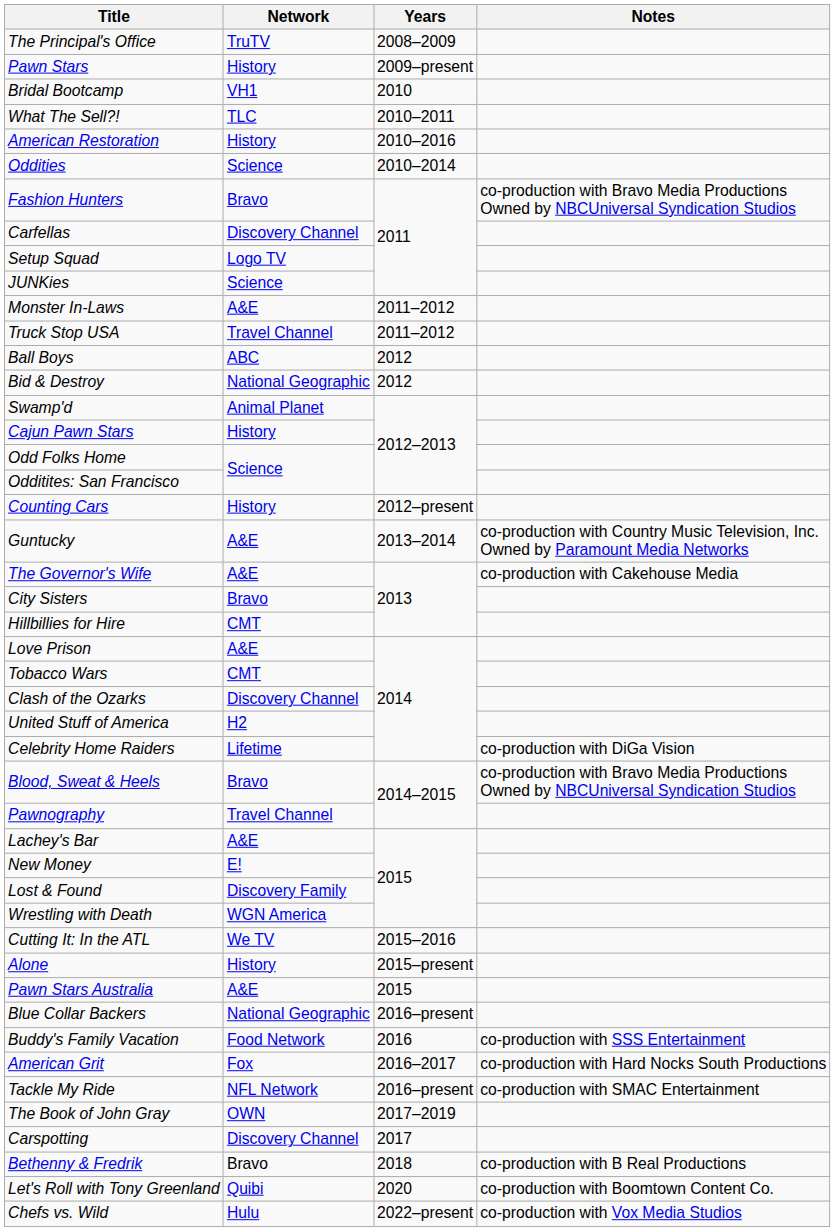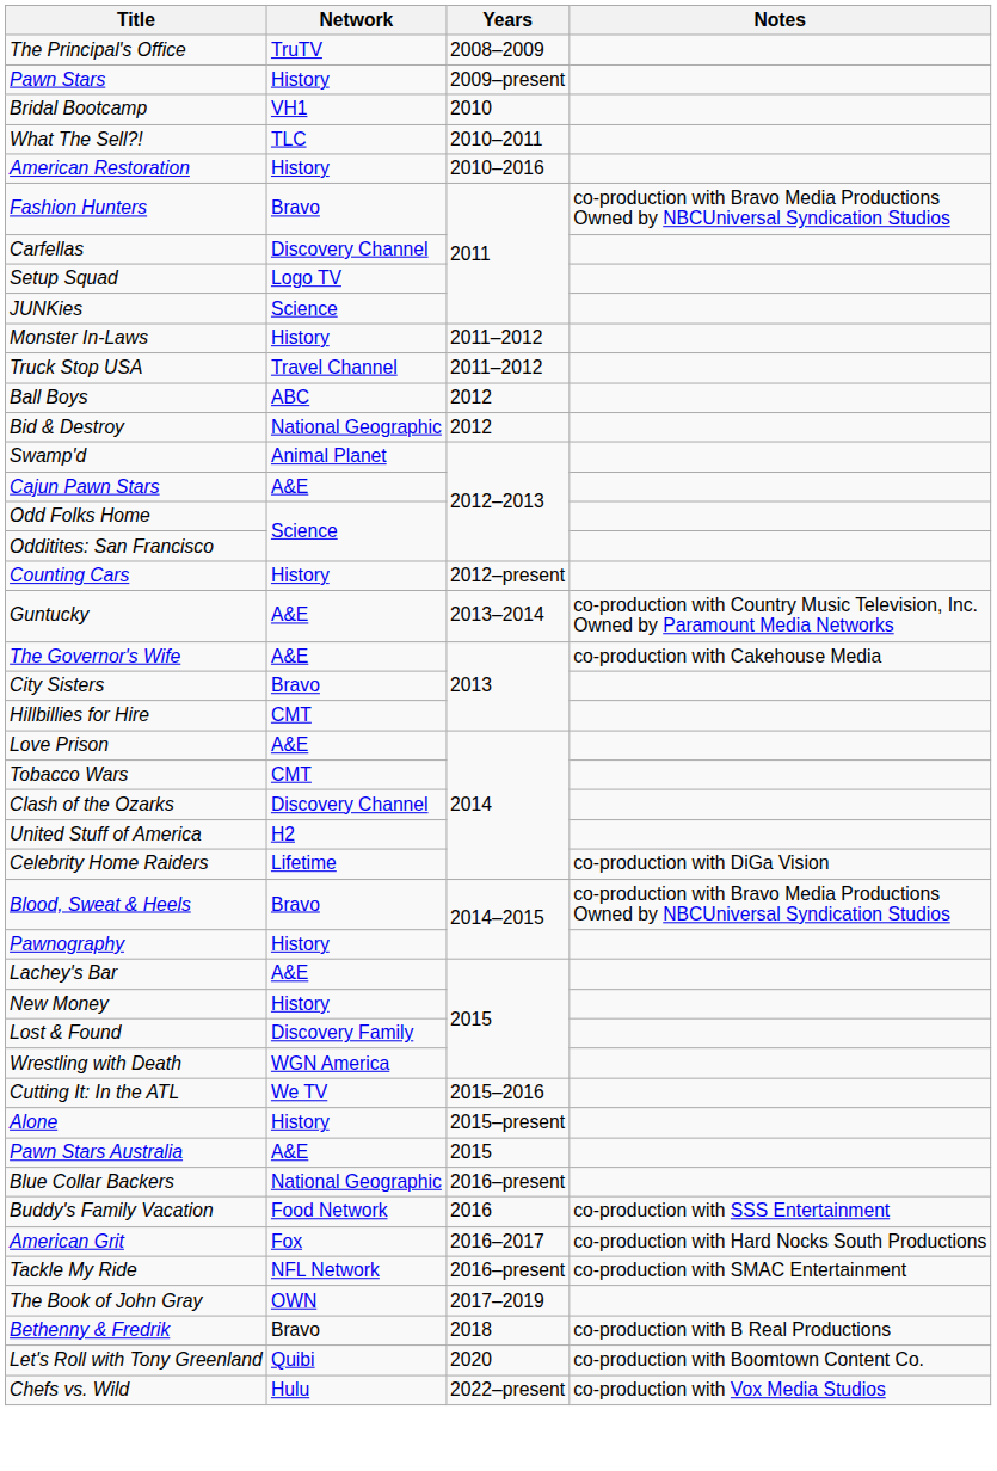 <table class="wikitable sortable">
 <tr>
 <th>Title</th>
 <th>Network</th>
 <th>Years</th>
 <th>Notes</th>
 </tr>
 <tr>
 <td><em>The Principal's Office</em></td>
 <td><a href='#'>TruTV</a></td>
 <td>2008–2009</td>
 <td></td>
 </tr>
 <tr>
 <td><em><a href='#'>Pawn Stars</a></em></td>
 <td><a href='#'>History</a></td>
 <td>2009–present</td>
 <td></td>
 </tr>
 <tr>
 <td><em>Bridal Bootcamp</em></td>
 <td><a href='#'>VH1</a></td>
 <td>2010</td>
 <td></td>
 </tr>
 <tr>
 <td><em>What The Sell?!</em></td>
 <td><a href='#'>TLC</a></td>
 <td>2010–2011</td>
 <td></td>
 </tr>
 <tr>
 <td><em><a href='#'>American Restoration</a></em></td>
 <td><a href='#'>History</a></td>
 <td>2010–2016</td>
 <td></td>
 </tr>
 <tr>
-<td><em><a href='#'>Oddities</a></em></td>
-<td><a href='#'>Science</a></td>
-<td>2010–2014</td>
-<td></td>
-</tr>
-<tr>
 <td><em><a href='#'>Fashion Hunters</a></em></td>
 <td><a href='#'>Bravo</a></td>
 <td rowspan="4">2011</td>
 <td>co-production with Bravo Media Productions<br>Owned by <a href='#'>NBCUniversal Syndication Studios</a></td>
 </tr>
 <tr>
 <td><em>Carfellas</em></td>
 <td><a href='#'>Discovery Channel</a></td>
 <td></td>
 </tr>
 <tr>
 <td><em>Setup Squad</em></td>
 <td><a href='#'>Logo TV</a></td>
 <td></td>
 </tr>
 <tr>
 <td><em>JUNKies</em></td>
 <td><a href='#'>Science</a></td>
 <td></td>
 </tr>
 <tr>
 <td><em>Monster In-Laws</em></td>
-<td><a href='#'>A&E</a></td>
+<td><a href='#'>History</a></td>
 <td>2011–2012</td>
 <td></td>
 </tr>
 <tr>
 <td><em>Truck Stop USA</em></td>
 <td><a href='#'>Travel Channel</a></td>
 <td>2011–2012</td>
 <td></td>
 </tr>
 <tr>
 <td><em>Ball Boys</em></td>
 <td><a href='#'>ABC</a></td>
 <td>2012</td>
 <td></td>
 </tr>
 <tr>
 <td><em>Bid & Destroy</em></td>
 <td><a href='#'>National Geographic</a></td>
 <td>2012</td>
 <td></td>
 </tr>
 <tr>
 <td><em>Swamp'd</em></td>
 <td><a href='#'>Animal Planet</a></td>
 <td rowspan="4">2012–2013</td>
 </tr>
 <tr>
 <td><em><a href='#'>Cajun Pawn Stars</a></em></td>
-<td><a href='#'>History</a></td>
+<td><a href='#'>A&E</a></td>
 <td></td>
 </tr>
 <tr>
 <td><em>Odd Folks Home</em></td>
 <td rowspan="2"><a href='#'>Science</a></td>
 </tr>
 <tr>
 <td><em>Odditites: San Francisco</em></td>
 <td></td>
 </tr>
 <tr>
 <td><em><a href='#'>Counting Cars</a></em></td>
 <td><a href='#'>History</a></td>
 <td>2012–present</td>
 <td></td>
 </tr>
 <tr>
 <td><em>Guntucky</em></td>
 <td><a href='#'>A&E</a></td>
 <td>2013–2014</td>
 <td>co-production with Country Music Television, Inc.<br>Owned by <a href='#'>Paramount Media Networks</a></td>
 </tr>
 <tr>
 <td><em><a href='#'>The Governor's Wife</a></em></td>
 <td><a href='#'>A&E</a></td>
 <td rowspan="3">2013</td>
 <td>co-production with Cakehouse Media</td>
 </tr>
 <tr>
 <td><em>City Sisters</em></td>
 <td><a href='#'>Bravo</a></td>
 <td></td>
 </tr>
 <tr>
 <td><em>Hillbillies for Hire</em></td>
 <td><a href='#'>CMT</a></td>
 <td></td>
 </tr>
 <tr>
 <td><em>Love Prison</em></td>
 <td><a href='#'>A&E</a></td>
 <td rowspan="5">2014</td>
 </tr>
 <tr>
 <td><em>Tobacco Wars</em></td>
 <td><a href='#'>CMT</a></td>
 <td></td>
 </tr>
 <tr>
 <td><em>Clash of the Ozarks</em></td>
 <td><a href='#'>Discovery Channel</a></td>
 <td></td>
 </tr>
 <tr>
 <td><em>United Stuff of America</em></td>
 <td><a href='#'>H2</a></td>
 <td></td>
 </tr>
 <tr>
 <td><em>Celebrity Home Raiders</em></td>
 <td><a href='#'>Lifetime</a></td>
 <td>co-production with DiGa Vision</td>
 </tr>
 <tr>
 <td><em><a href='#'>Blood, Sweat & Heels</a></em></td>
 <td><a href='#'>Bravo</a></td>
 <td rowspan="2'">2014–2015</td>
 <td>co-production with Bravo Media Productions<br>Owned by <a href='#'>NBCUniversal Syndication Studios</a></td>
 </tr>
 <tr>
 <td><em><a href='#'>Pawnography</a></em></td>
-<td><a href='#'>Travel Channel</a></td>
+<td><a href='#'>History</a></td>
 <td></td>
 </tr>
 <tr>
 <td><em>Lachey's Bar</em></td>
 <td><a href='#'>A&E</a></td>
 <td rowspan="4">2015</td>
 <td></td>
 </tr>
 <tr>
 <td><em>New Money</em></td>
-<td><a href='#'>E!</a></td>
+<td><a href='#'>History</a></td>
 <td></td>
 </tr>
 <tr>
 <td><em>Lost & Found</em></td>
 <td><a href='#'>Discovery Family</a></td>
 <td></td>
 </tr>
 <tr>
 <td><em>Wrestling with Death</em></td>
 <td><a href='#'>WGN America</a></td>
 <td></td>
 </tr>
 <tr>
 <td><em>Cutting It: In the ATL</em></td>
 <td><a href='#'>We TV</a></td>
 <td>2015–2016</td>
 <td></td>
 </tr>
 <tr>
 <td><em><a href='#'>Alone</a></em></td>
 <td><a href='#'>History</a></td>
 <td>2015–present</td>
 <td></td>
 </tr>
 <tr>
 <td><em><a href='#'>Pawn Stars Australia</a></em></td>
 <td><a href='#'>A&E</a></td>
 <td>2015</td>
 <td></td>
 </tr>
 <tr>
 <td><em>Blue Collar Backers</em></td>
 <td><a href='#'>National Geographic</a></td>
 <td>2016–present</td>
 <td></td>
 </tr>
 <tr>
 <td><em>Buddy's Family Vacation</em></td>
 <td><a href='#'>Food Network</a></td>
 <td>2016</td>
 <td>co-production with <a href='#'>SSS Entertainment</a></td>
 </tr>
 <tr>
 <td><em><a href='#'>American Grit</a></em></td>
 <td><a href='#'>Fox</a></td>
 <td>2016–2017</td>
 <td>co-production with Hard Nocks South Productions</td>
 </tr>
 <tr>
 <td><em>Tackle My Ride</em></td>
 <td><a href='#'>NFL Network</a></td>
 <td>2016–present</td>
 <td>co-production with SMAC Entertainment</td>
 </tr>
 <tr>
 <td><em>The Book of John Gray</em></td>
 <td><a href='#'>OWN</a></td>
 <td>2017–2019</td>
 <td></td>
 </tr>
 <tr>
-<td><em>Carspotting</em></td>
-<td><a href='#'>Discovery Channel</a></td>
-<td>2017</td>
-<td></td>
-</tr>
-<tr>
 <td><em><a href='#'>Bethenny & Fredrik</a></em></td>
 <td>Bravo</td>
 <td>2018</td>
 <td>co-production with B Real Productions</td>
 </tr>
 <tr>
 <td><em>Let's Roll with Tony Greenland</em></td>
 <td><a href='#'>Quibi</a></td>
 <td>2020</td>
 <td>co-production with Boomtown Content Co.</td>
 </tr>
 <tr>
 <td><em>Chefs vs. Wild</em></td>
 <td><a href='#'>Hulu</a></td>
 <td>2022–present</td>
 <td>co-production with <a href='#'>Vox Media Studios</a></td>
 </tr>
 </table>
